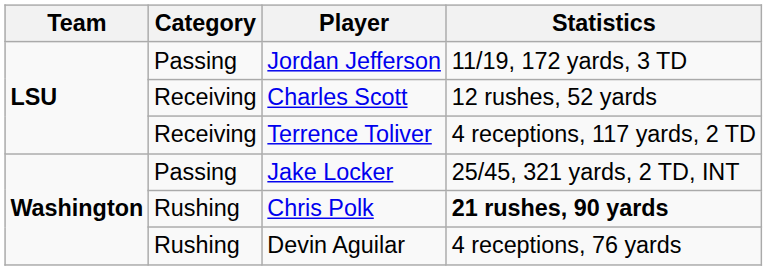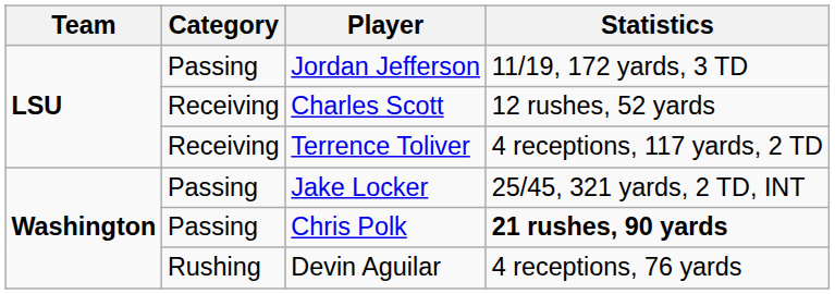 <table class="wikitable" style="float: right;">
 <tr>
 <th>Team</th>
 <th>Category</th>
 <th>Player</th>
 <th>Statistics</th>
 </tr>
 <tr>
 <td rowspan=3><strong>LSU</strong></td>
 <td>Passing</td>
 <td><a href='#'>Jordan Jefferson</a></td>
 <td>11/19, 172 yards, 3 TD</td>
 </tr>
 <tr>
 <td>Receiving</td>
 <td><a href='#'>Charles Scott</a></td>
 <td>12 rushes, 52 yards</td>
 </tr>
 <tr>
 <td>Receiving</td>
 <td><a href='#'>Terrence Toliver</a></td>
 <td>4 receptions, 117 yards, 2 TD</td>
 </tr>
 <tr>
 <td rowspan=3><strong>Washington</strong></td>
 <td>Passing</td>
 <td><a href='#'>Jake Locker</a></td>
 <td>25/45, 321 yards, 2 TD, INT</td>
 </tr>
 <tr>
-<td>Rushing</td>
+<td>Passing</td>
 <td><a href='#'>Chris Polk</a></td>
 <td><strong>21 rushes, 90 yards</strong></td>
 </tr>
 <tr>
 <td>Rushing</td>
 <td>Devin Aguilar</td>
 <td>4 receptions, 76 yards</td>
 </tr>
 </table>
